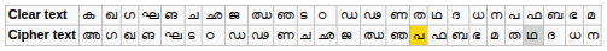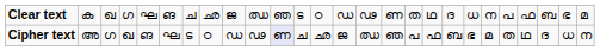 <table class="wikitable">
 <tr>
 <td><strong>Clear text</strong></td>
 <td>ക</td>
 <td>ഖ</td>
 <td>ഗ</td>
 <td>ഘ</td>
 <td>ങ</td>
 <td>ച</td>
 <td>ഛ</td>
 <td>ജ</td>
 <td>ഝ</td>
 <td>ഞ</td>
 <td>ട</td>
 <td>ഠ</td>
 <td>ഡ</td>
 <td>ഢ</td>
 <td>ണ</td>
 <td>ത</td>
 <td>ഥ</td>
 <td>ദ</td>
 <td>ധ</td>
 <td>ന</td>
 <td>പ</td>
 <td>ഫ</td>
 <td>ബ</td>
 <td>ഭ</td>
 <td>മ</td>
 </tr>
 <tr>
 <td><strong>Cipher text</strong></td>
 <td>അ</td>
 <td>ഗ</td>
 <td>ഖ</td>
 <td>ങ</td>
 <td>ഘ</td>
 <td>ട</td>
 <td>ഠ</td>
 <td>ഡ</td>
 <td>ഢ</td>
-<td>ണ</td>
+<td style="background: lavender;">ണ</td>
 <td>ച</td>
 <td>ഛ</td>
 <td>ജ</td>
 <td>ഝ</td>
 <td>ഞ</td>
-<td style="background: gold;">പ</td>
+<td>പ</td>
 <td>ഫ</td>
 <td>ബ</td>
 <td>ഭ</td>
 <td>മ</td>
 <td>ത</td>
-<td style="background: lightgrey;">ഥ</td>
+<td>ഥ</td>
 <td>ദ</td>
 <td>ധ</td>
 <td>ന</td>
 </tr>
 </table>
